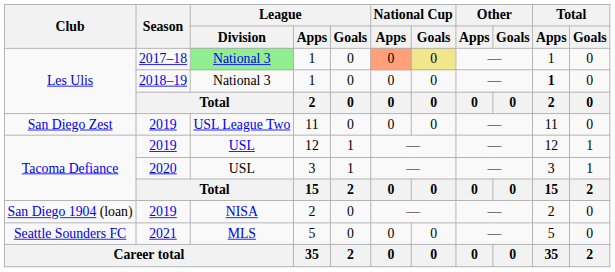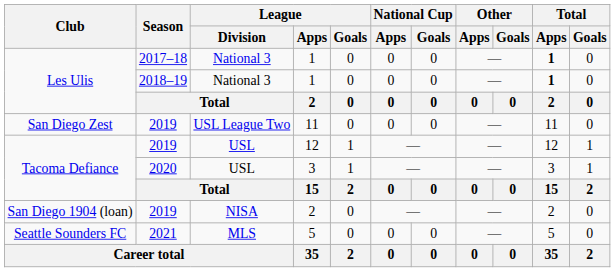 <table class="wikitable" style="text-align:center">
 <tr>
 <th rowspan="2">Club</th>
 <th rowspan="2">Season</th>
 <th colspan="3">League</th>
 <th colspan="2">National Cup</th>
 <th colspan="2">Other</th>
 <th colspan="2">Total</th>
 </tr>
 <tr>
 <th>Division</th>
 <th>Apps</th>
 <th>Goals</th>
 <th>Apps</th>
 <th>Goals</th>
 <th>Apps</th>
 <th>Goals</th>
 <th>Apps</th>
 <th>Goals</th>
 </tr>
 <tr>
 <td rowspan="3"><a href='#'>Les Ulis</a></td>
 <td><a href='#'>2017–18</a></td>
-<td style="background: lightgreen;"><a href='#'>National 3</a></td>
+<td><a href='#'>National 3</a></td>
 <td>1</td>
 <td>0</td>
-<td style="background: lightsalmon;">0</td>
-<td style="background: khaki;">0</td>
+<td>0</td>
+<td>0</td>
 <td colspan="2">—</td>
-<td>1</td>
+<td><strong>1</strong></td>
 <td>0</td>
 </tr>
 <tr>
 <td><a href='#'>2018–19</a></td>
 <td>National 3</td>
 <td>1</td>
 <td>0</td>
 <td>0</td>
 <td>0</td>
 <td colspan="2">—</td>
 <td><strong>1</strong></td>
 <td>0</td>
 </tr>
 <tr>
 <th colspan="2">Total</th>
 <th>2</th>
 <th>0</th>
 <th>0</th>
 <th>0</th>
 <th>0</th>
 <th>0</th>
 <th>2</th>
 <th>0</th>
 </tr>
 <tr>
 <td><a href='#'>San Diego Zest</a></td>
 <td><a href='#'>2019</a></td>
 <td><a href='#'>USL League Two</a></td>
 <td>11</td>
 <td>0</td>
 <td>0</td>
 <td>0</td>
 <td colspan="2">—</td>
 <td>11</td>
 <td>0</td>
 </tr>
 <tr>
 <td rowspan="3"><a href='#'>Tacoma Defiance</a></td>
 <td><a href='#'>2019</a></td>
 <td><a href='#'>USL</a></td>
 <td>12</td>
 <td>1</td>
 <td colspan="2">—</td>
 <td colspan="2">—</td>
 <td>12</td>
 <td>1</td>
 </tr>
 <tr>
 <td><a href='#'>2020</a></td>
 <td>USL</td>
 <td>3</td>
 <td>1</td>
 <td colspan="2">—</td>
 <td colspan="2">—</td>
 <td>3</td>
 <td>1</td>
 </tr>
 <tr>
 <th colspan="2">Total</th>
 <th>15</th>
 <th>2</th>
 <th>0</th>
 <th>0</th>
 <th>0</th>
 <th>0</th>
 <th>15</th>
 <th>2</th>
 </tr>
 <tr>
 <td><a href='#'>San Diego 1904</a> (loan)</td>
 <td><a href='#'>2019</a></td>
 <td><a href='#'>NISA</a></td>
 <td>2</td>
 <td>0</td>
 <td colspan="2">—</td>
 <td colspan="2">—</td>
 <td>2</td>
 <td>0</td>
 </tr>
 <tr>
 <td><a href='#'>Seattle Sounders FC</a></td>
 <td><a href='#'>2021</a></td>
 <td><a href='#'>MLS</a></td>
 <td>5</td>
 <td>0</td>
 <td>0</td>
 <td>0</td>
 <td colspan="2">—</td>
 <td>5</td>
 <td>0</td>
 </tr>
 <tr>
 <th colspan="3">Career total</th>
 <th>35</th>
 <th>2</th>
 <th>0</th>
 <th>0</th>
 <th>0</th>
 <th>0</th>
 <th>35</th>
 <th>2</th>
 </tr>
 </table>
